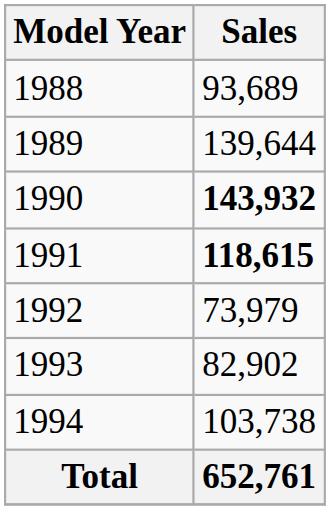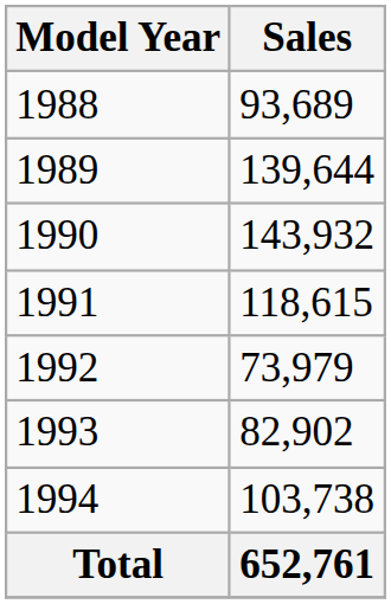 <table class="wikitable">
 <tr>
 <th>Model Year</th>
 <th>Sales</th>
 </tr>
 <tr>
 <td>1988</td>
 <td>93,689</td>
 </tr>
 <tr>
 <td>1989</td>
 <td>139,644</td>
 </tr>
 <tr>
 <td>1990</td>
-<td><strong>143,932</strong></td>
+<td>143,932</td>
 </tr>
 <tr>
 <td>1991</td>
-<td><strong>118,615</strong></td>
+<td>118,615</td>
 </tr>
 <tr>
 <td>1992</td>
 <td>73,979</td>
 </tr>
 <tr>
 <td>1993</td>
 <td>82,902</td>
 </tr>
 <tr>
 <td>1994</td>
 <td>103,738</td>
 </tr>
 <tr>
 <th>Total</th>
 <th>652,761</th>
 </tr>
 <tr>
 </tr>
 </table>
